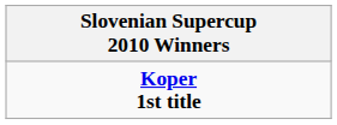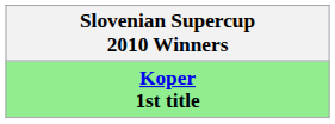 <table class="wikitable" style="text-align: center; margin: 0 auto; width: 20%">
 <tr>
 <th>Slovenian Supercup <br>2010 Winners</th>
 </tr>
 <tr>
-<td><strong><a href='#'>Koper</a></strong><br><strong>1st title</strong></td>
+<td style="background: lightgreen;"><strong><a href='#'>Koper</a></strong><br><strong>1st title</strong></td>
 </tr>
 </table>
